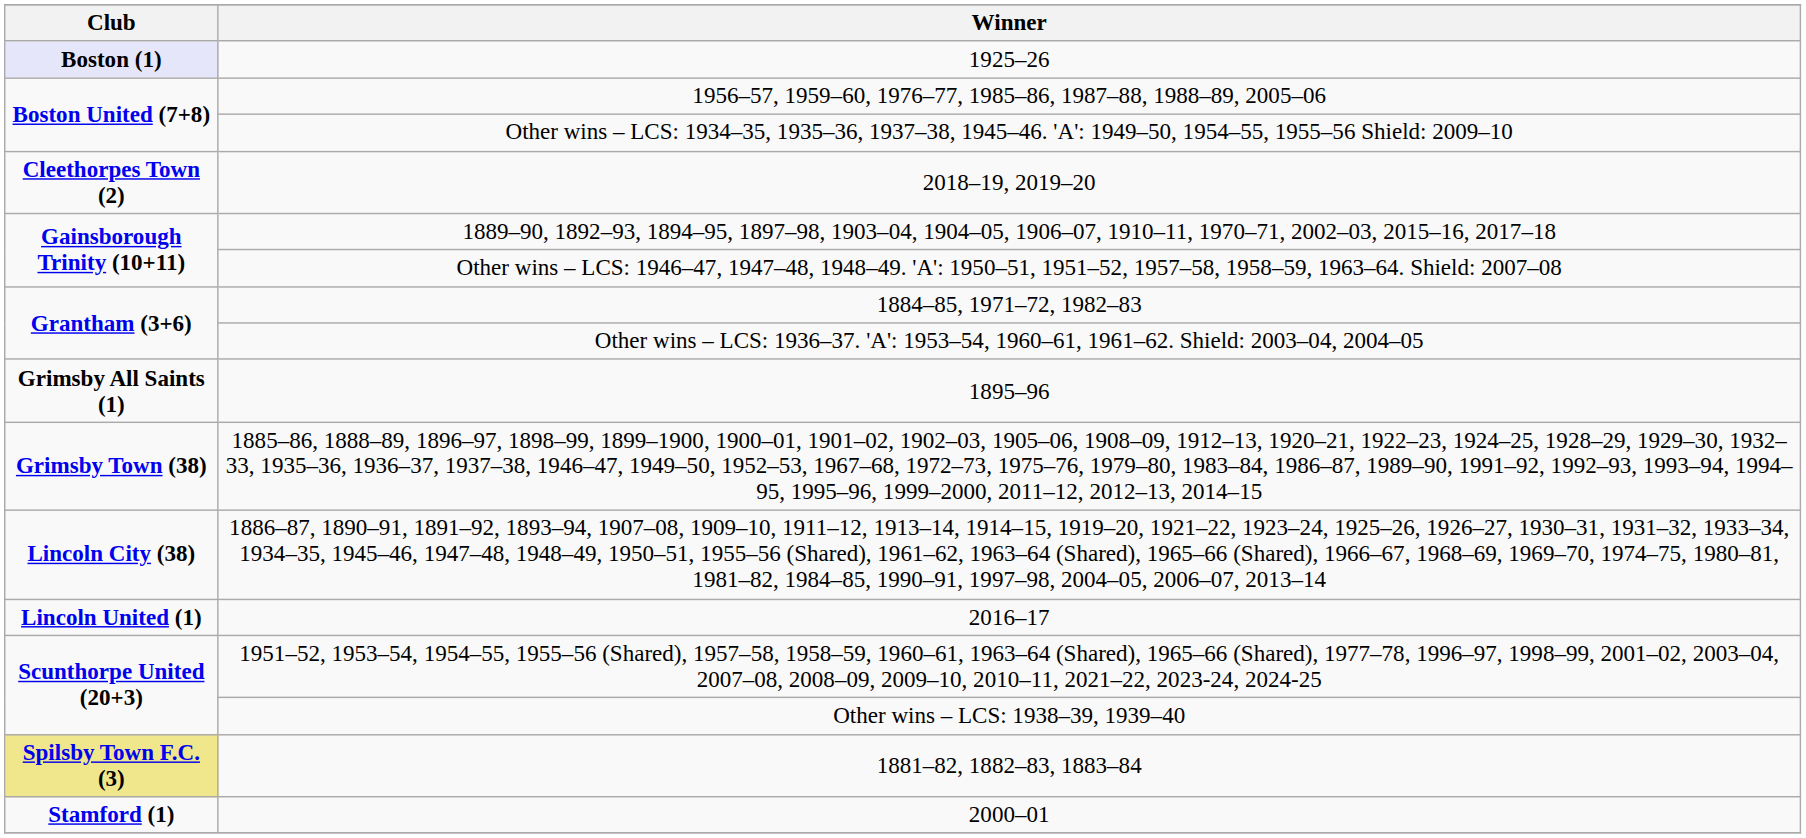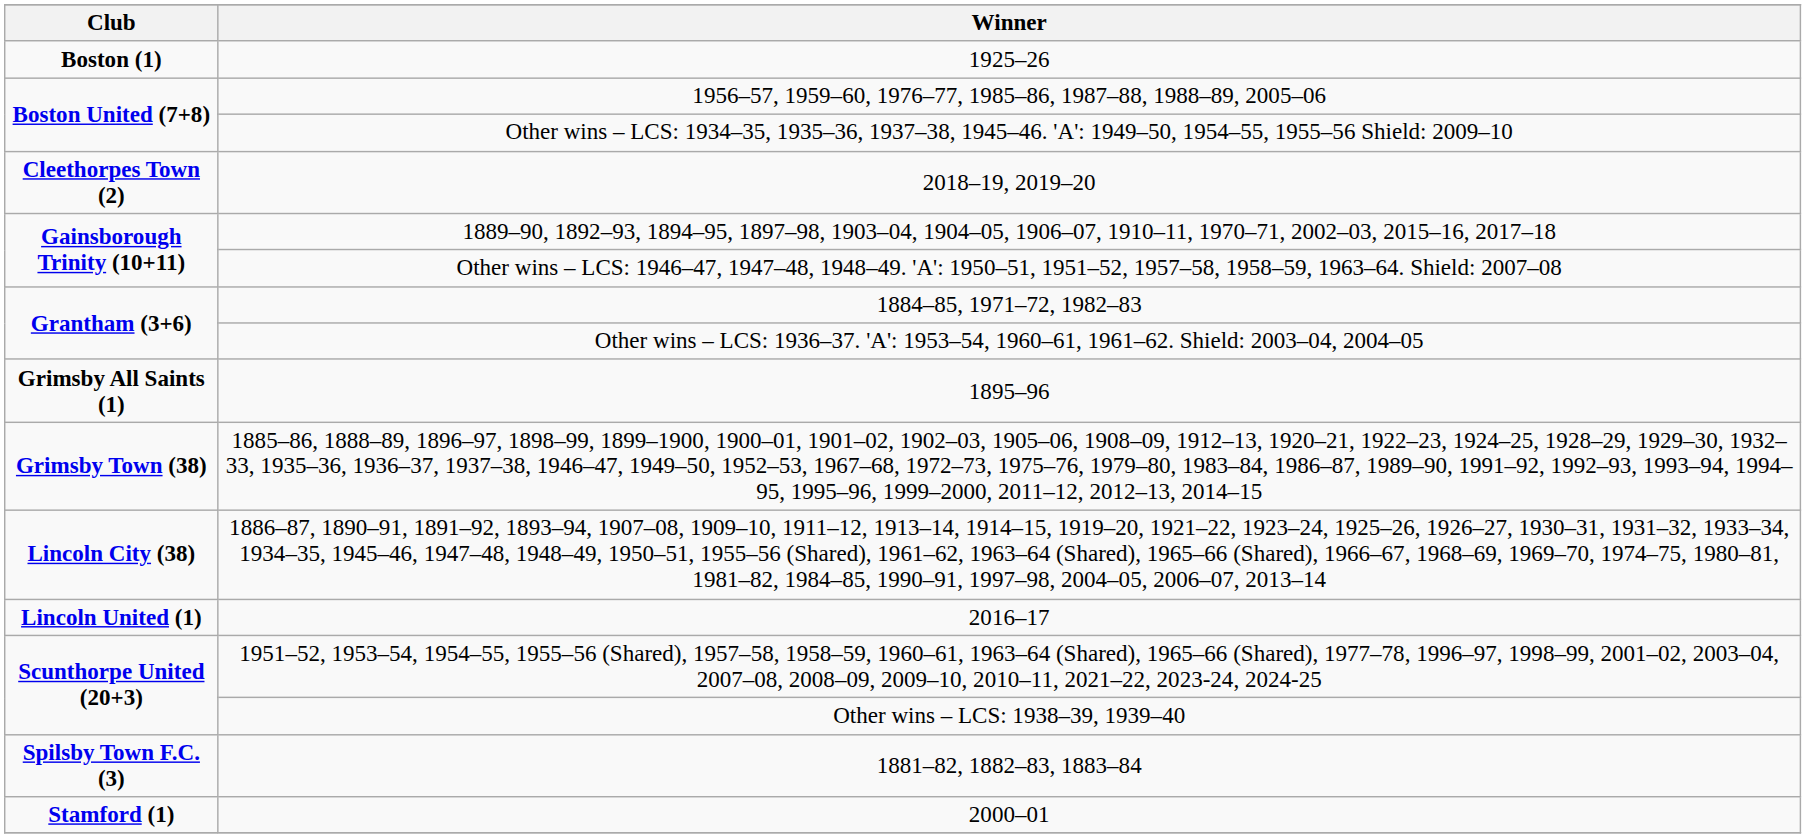 <table class="wikitable" style="text-align: center">
 <tr>
 </tr>
 <tr>
 <th>Club</th>
 <th>Winner</th>
 </tr>
 <tr>
-<td style="background: lavender;"><strong>Boston (1)</strong></td>
+<td><strong>Boston (1)</strong></td>
 <td>1925–26</td>
 </tr>
 <tr>
 <td rowspan="2"><strong><a href='#'>Boston United</a> (7+8)</strong></td>
 <td>1956–57, 1959–60, 1976–77, 1985–86, 1987–88, 1988–89, 2005–06</td>
 </tr>
 <tr>
 <td>Other wins – LCS: 1934–35, 1935–36, 1937–38, 1945–46. 'A': 1949–50, 1954–55, 1955–56 Shield: 2009–10</td>
 </tr>
 <tr>
 <td><strong><a href='#'>Cleethorpes Town</a> (2)</strong></td>
 <td>2018–19, 2019–20</td>
 </tr>
 <tr>
 <td rowspan="2"><strong><a href='#'>Gainsborough Trinity</a> (10+11)</strong></td>
 <td>1889–90, 1892–93, 1894–95, 1897–98, 1903–04, 1904–05, 1906–07, 1910–11, 1970–71, 2002–03, 2015–16, 2017–18</td>
 </tr>
 <tr>
 <td>Other wins – LCS: 1946–47, 1947–48, 1948–49. 'A': 1950–51, 1951–52, 1957–58, 1958–59, 1963–64. Shield: 2007–08</td>
 </tr>
 <tr>
 <td rowspan="2"><strong><a href='#'>Grantham</a> (3+6)</strong></td>
 <td>1884–85, 1971–72, 1982–83</td>
 </tr>
 <tr>
 <td>Other wins – LCS: 1936–37. 'A': 1953–54, 1960–61, 1961–62. Shield: 2003–04, 2004–05</td>
 </tr>
 <tr>
 <td><strong>Grimsby All Saints (1)</strong></td>
 <td>1895–96</td>
 </tr>
 <tr>
 <td><strong><a href='#'>Grimsby Town</a> (38)</strong></td>
 <td>1885–86, 1888–89, 1896–97, 1898–99, 1899–1900, 1900–01, 1901–02, 1902–03, 1905–06, 1908–09, 1912–13, 1920–21, 1922–23, 1924–25, 1928–29, 1929–30, 1932–33, 1935–36, 1936–37, 1937–38, 1946–47, 1949–50, 1952–53, 1967–68, 1972–73, 1975–76, 1979–80, 1983–84, 1986–87, 1989–90, 1991–92, 1992–93, 1993–94, 1994–95, 1995–96, 1999–2000, 2011–12, 2012–13, 2014–15</td>
 </tr>
 <tr>
 <td><strong><a href='#'>Lincoln City</a> (38)</strong></td>
 <td>1886–87, 1890–91, 1891–92, 1893–94, 1907–08, 1909–10, 1911–12, 1913–14, 1914–15, 1919–20, 1921–22, 1923–24, 1925–26, 1926–27, 1930–31, 1931–32, 1933–34, 1934–35, 1945–46, 1947–48, 1948–49, 1950–51, 1955–56 (Shared), 1961–62, 1963–64 (Shared), 1965–66 (Shared), 1966–67, 1968–69, 1969–70, 1974–75, 1980–81, 1981–82, 1984–85, 1990–91, 1997–98, 2004–05, 2006–07, 2013–14</td>
 </tr>
 <tr>
 <td><strong><a href='#'>Lincoln United</a> (1)</strong></td>
 <td>2016–17</td>
 </tr>
 <tr>
 <td rowspan="2"><strong><a href='#'>Scunthorpe United</a> (20+3)</strong></td>
 <td>1951–52, 1953–54, 1954–55, 1955–56 (Shared), 1957–58, 1958–59, 1960–61, 1963–64 (Shared), 1965–66 (Shared), 1977–78, 1996–97, 1998–99, 2001–02, 2003–04, 2007–08, 2008–09, 2009–10, 2010–11, 2021–22, 2023-24, 2024-25</td>
 </tr>
 <tr>
 <td>Other wins – LCS: 1938–39, 1939–40</td>
 </tr>
 <tr>
-<td style="background: khaki;"><strong><a href='#'>Spilsby Town F.C.</a> (3)</strong></td>
+<td><strong><a href='#'>Spilsby Town F.C.</a> (3)</strong></td>
 <td>1881–82, 1882–83, 1883–84</td>
 </tr>
 <tr>
 <td><strong><a href='#'>Stamford</a> (1)</strong></td>
 <td>2000–01</td>
 </tr>
 <tr>
 </tr>
 </table>
